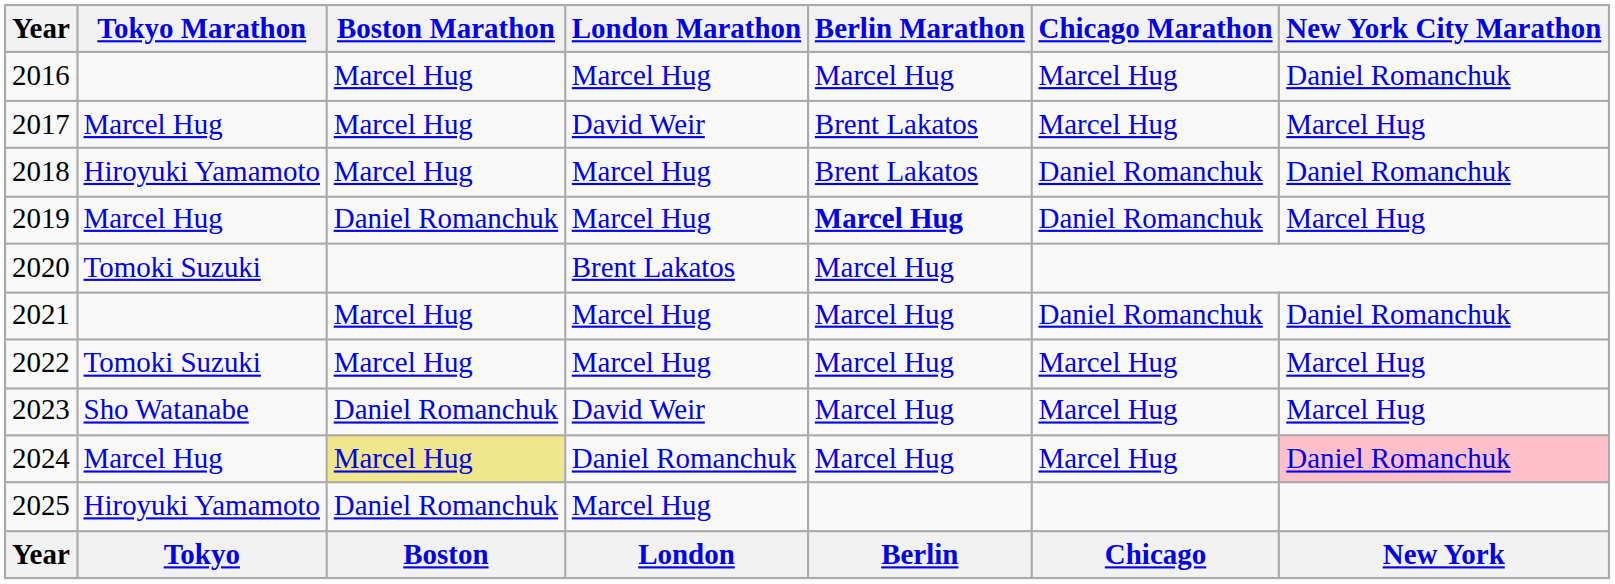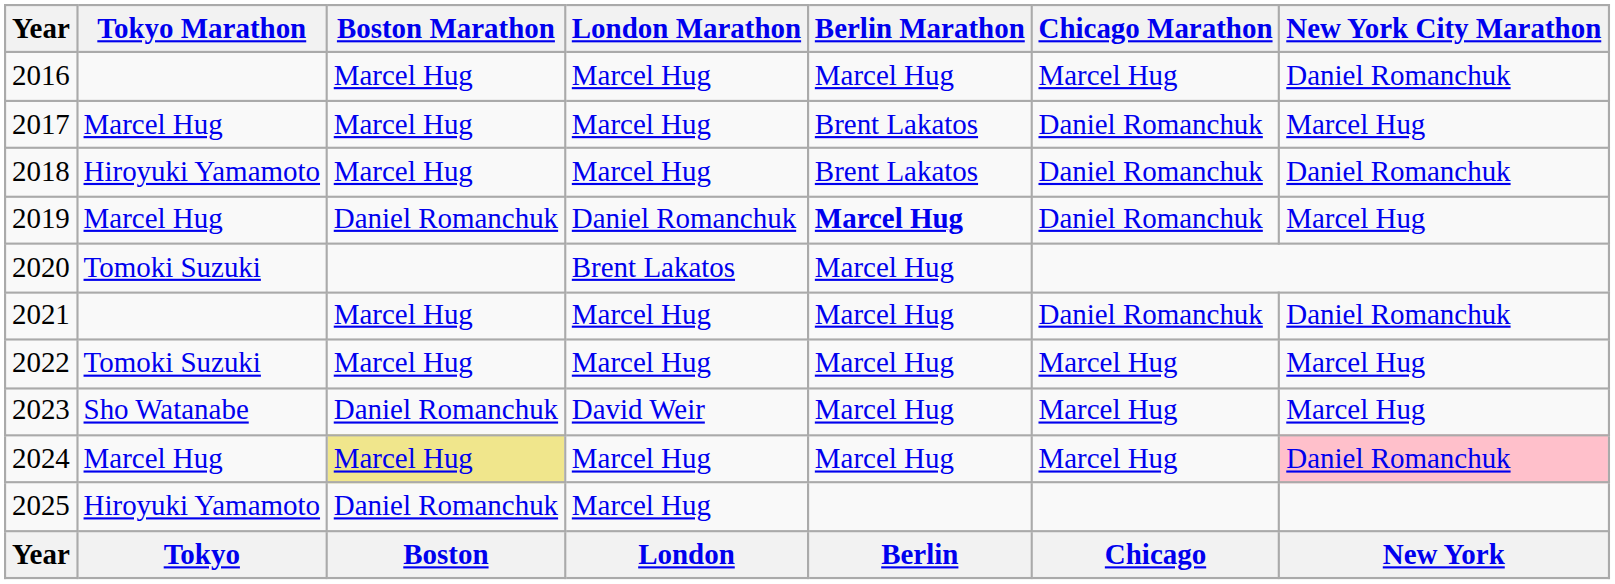 <table class="wikitable" style="font-size: 85%">
 <tr>
 <th>Year</th>
 <th><a href='#'>Tokyo Marathon</a></th>
 <th><a href='#'>Boston Marathon</a></th>
 <th><a href='#'>London Marathon</a></th>
 <th><a href='#'>Berlin Marathon</a></th>
 <th><a href='#'>Chicago Marathon</a></th>
 <th><a href='#'>New York City Marathon</a></th>
 </tr>
 <tr>
 <td>2016</td>
 <td></td>
 <td> <a href='#'>Marcel Hug</a> </td>
 <td> <a href='#'>Marcel Hug</a> </td>
 <td> <a href='#'>Marcel Hug</a> </td>
 <td> <a href='#'>Marcel Hug</a> </td>
 <td> <a href='#'>Daniel Romanchuk</a> </td>
 </tr>
 <tr>
 <td>2017</td>
 <td> <a href='#'>Marcel Hug</a> </td>
 <td> <a href='#'>Marcel Hug</a> </td>
-<td> <a href='#'>David Weir</a> </td>
+<td> <a href='#'>Marcel Hug</a> </td>
 <td> <a href='#'>Brent Lakatos</a> </td>
-<td> <a href='#'>Marcel Hug</a> </td>
+<td> <a href='#'>Daniel Romanchuk</a> </td>
 <td> <a href='#'>Marcel Hug</a> </td>
 </tr>
 <tr>
 <td>2018</td>
 <td> <a href='#'>Hiroyuki Yamamoto</a></td>
 <td> <a href='#'>Marcel Hug</a> </td>
 <td> <a href='#'>Marcel Hug</a> </td>
 <td> <a href='#'>Brent Lakatos</a> </td>
 <td> <a href='#'>Daniel Romanchuk</a> </td>
 <td> <a href='#'>Daniel Romanchuk</a> </td>
 </tr>
 <tr>
 <td>2019</td>
 <td> <a href='#'>Marcel Hug</a> </td>
 <td> <a href='#'>Daniel Romanchuk</a> </td>
-<td> <a href='#'>Marcel Hug</a> </td>
+<td> <a href='#'>Daniel Romanchuk</a> </td>
 <td><strong> <a href='#'>Marcel Hug</a> </strong></td>
 <td> <a href='#'>Daniel Romanchuk</a> </td>
 <td> <a href='#'>Marcel Hug</a> </td>
 </tr>
 <tr>
 <td>2020</td>
 <td> <a href='#'>Tomoki Suzuki</a></td>
 <td></td>
 <td> <a href='#'>Brent Lakatos</a> </td>
 <td> <a href='#'>Marcel Hug</a> </td>
 </tr>
 <tr>
 <td>2021</td>
 <td></td>
 <td> <a href='#'>Marcel Hug</a> </td>
 <td> <a href='#'>Marcel Hug</a> </td>
 <td> <a href='#'>Marcel Hug</a> </td>
 <td> <a href='#'>Daniel Romanchuk</a> </td>
 <td> <a href='#'>Daniel Romanchuk</a> </td>
 </tr>
 <tr>
 <td>2022</td>
 <td> <a href='#'>Tomoki Suzuki</a> </td>
 <td> <a href='#'>Marcel Hug</a> </td>
 <td> <a href='#'>Marcel Hug</a> </td>
 <td> <a href='#'>Marcel Hug</a> </td>
 <td> <a href='#'>Marcel Hug</a> </td>
 <td> <a href='#'>Marcel Hug</a> </td>
 </tr>
 <tr>
 <td>2023</td>
 <td> <a href='#'>Sho Watanabe</a></td>
 <td> <a href='#'>Daniel Romanchuk</a> </td>
 <td> <a href='#'>David Weir</a> </td>
 <td> <a href='#'>Marcel Hug</a> </td>
 <td> <a href='#'>Marcel Hug</a> </td>
 <td> <a href='#'>Marcel Hug</a> </td>
 </tr>
 <tr>
 <td>2024</td>
 <td> <a href='#'>Marcel Hug</a> </td>
 <td style="background: khaki;"> <a href='#'>Marcel Hug</a> </td>
-<td> <a href='#'>Daniel Romanchuk</a> </td>
+<td> <a href='#'>Marcel Hug</a> </td>
 <td> <a href='#'>Marcel Hug</a> </td>
 <td> <a href='#'>Marcel Hug</a> </td>
 <td style="background: pink;"> <a href='#'>Daniel Romanchuk</a> </td>
 </tr>
 <tr>
 <td>2025</td>
 <td> <a href='#'>Hiroyuki Yamamoto</a></td>
 <td> <a href='#'>Daniel Romanchuk</a> </td>
 <td> <a href='#'>Marcel Hug</a> </td>
 <td></td>
 <td></td>
 </tr>
 <tr>
 <th>Year</th>
 <th><a href='#'>Tokyo</a></th>
 <th><a href='#'>Boston</a></th>
 <th><a href='#'>London</a></th>
 <th><a href='#'>Berlin</a></th>
 <th><a href='#'>Chicago</a></th>
 <th><a href='#'>New York</a></th>
 </tr>
 </table>
